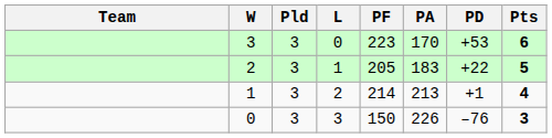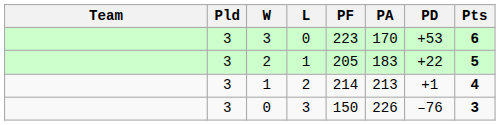 <table class=wikitable style="text-align:center">
 <tr>
 <th width=180>Team</th>
+<th width=30>Pld</th>
 <th width=30>W</th>
-<th width=30>Pld</th>
 <th width=30>L</th>
 <th width=30>PF</th>
 <th width=30>PA</th>
 <th width=40>PD</th>
 <th width=30>Pts</th>
 </tr>
 <tr bgcolor="#ccffcc">
 <td align="left"></td>
 <td>3</td>
 <td>3</td>
 <td>0</td>
 <td>223</td>
 <td>170</td>
 <td>+53</td>
 <td><strong>6</strong></td>
 </tr>
 <tr bgcolor="#ccffcc">
 <td align="left"></td>
+<td>3</td>
 <td>2</td>
-<td>3</td>
 <td>1</td>
 <td>205</td>
 <td>183</td>
 <td>+22</td>
 <td><strong>5</strong></td>
 </tr>
 <tr>
 <td align="left"></td>
+<td>3</td>
 <td>1</td>
-<td>3</td>
 <td>2</td>
 <td>214</td>
 <td>213</td>
 <td>+1</td>
 <td><strong>4</strong></td>
 </tr>
 <tr>
 <td align="left"></td>
+<td>3</td>
 <td>0</td>
-<td>3</td>
 <td>3</td>
 <td>150</td>
 <td>226</td>
 <td>–76</td>
 <td><strong>3</strong></td>
 </tr>
 </table>
